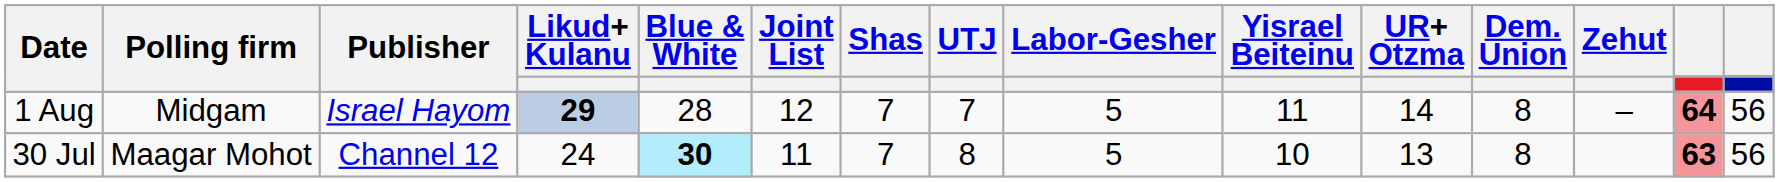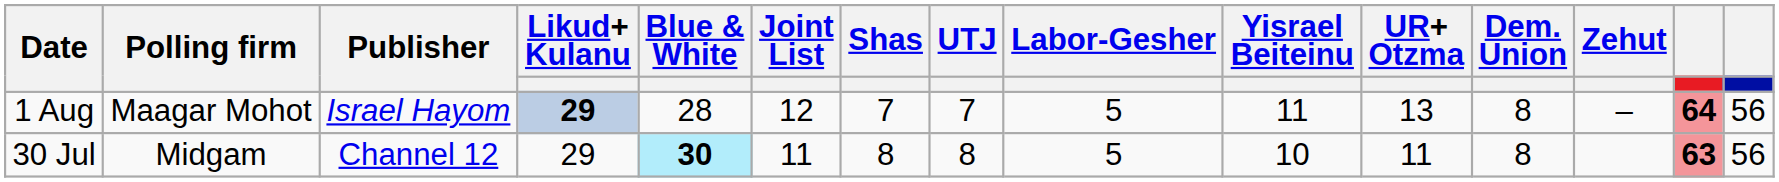 <table class="wikitable sortable" style="text-align:center;font-size:90%;line-height:13px">
 <tr>
 <th rowspan="2">Date</th>
 <th rowspan="2">Polling firm</th>
 <th rowspan="2">Publisher</th>
 <th><a href='#'>Likud</a>+<br><a href='#'>Kulanu</a></th>
 <th><a href='#'>Blue &<br>White</a></th>
 <th><a href='#'>Joint<br>List</a></th>
 <th><a href='#'>Shas</a></th>
 <th><a href='#'>UTJ</a></th>
 <th><a href='#'>Labor-Gesher</a></th>
 <th><a href='#'>Yisrael<br>Beiteinu</a></th>
 <th><a href='#'>UR</a>+<br><a href='#'>Otzma</a></th>
 <th><a href='#'>Dem. <br>Union</a></th>
 <th><a href='#'>Zehut</a></th>
 <th></th>
 <th></th>
 </tr>
 <tr>
 <th style="background:"></th>
 <th style="background:"></th>
 <th style="background:"></th>
 <th style="background:"></th>
 <th style="background:"></th>
 <th style="background:"></th>
 <th style="background:"></th>
 <th style="background:"></th>
 <th style="background:"></th>
 <th style="background:"></th>
 <th style="background:#E81B23;"></th>
 <th style="background:#000EA3;"></th>
 </tr>
 <tr>
 <td data-sort-value="2019-08-01">1 Aug</td>
-<td>Midgam</td>
+<td>Maagar Mohot</td>
 <td><em><a href='#'>Israel Hayom</a></em></td>
 <td style="background:#BBCDE4"><strong>29</strong>	</td>
 <td>28					</td>
 <td>12					</td>
 <td>7					</td>
 <td>7					</td>
 <td>5					</td>
 <td>11					</td>
-<td>14					</td>
+<td>13					</td>
 <td>8					</td>
 <td>–					</td>
 <td style="background:#F4959A"><strong>64</strong>	</td>
 <td>56					</td>
 </tr>
 <tr>
 <td data-sort-value="2019-07-30">30 Jul</td>
-<td>Maagar Mohot</td>
+<td>Midgam</td>
 <td><a href='#'>Channel 12</a></td>
-<td>24					</td>
+<td>29					</td>
 <td style="background:#B2EDFB"><strong>30</strong>	</td>
 <td>11					</td>
-<td>7					</td>
+<td>8					</td>
 <td>8					</td>
 <td>5					</td>
 <td>10					</td>
-<td>13					</td>
+<td>11					</td>
 <td>8					</td>
 <td>			</td>
 <td style="background:#F4959A"><strong>63</strong>	</td>
 <td>56					</td>
 </tr>
 </table>
